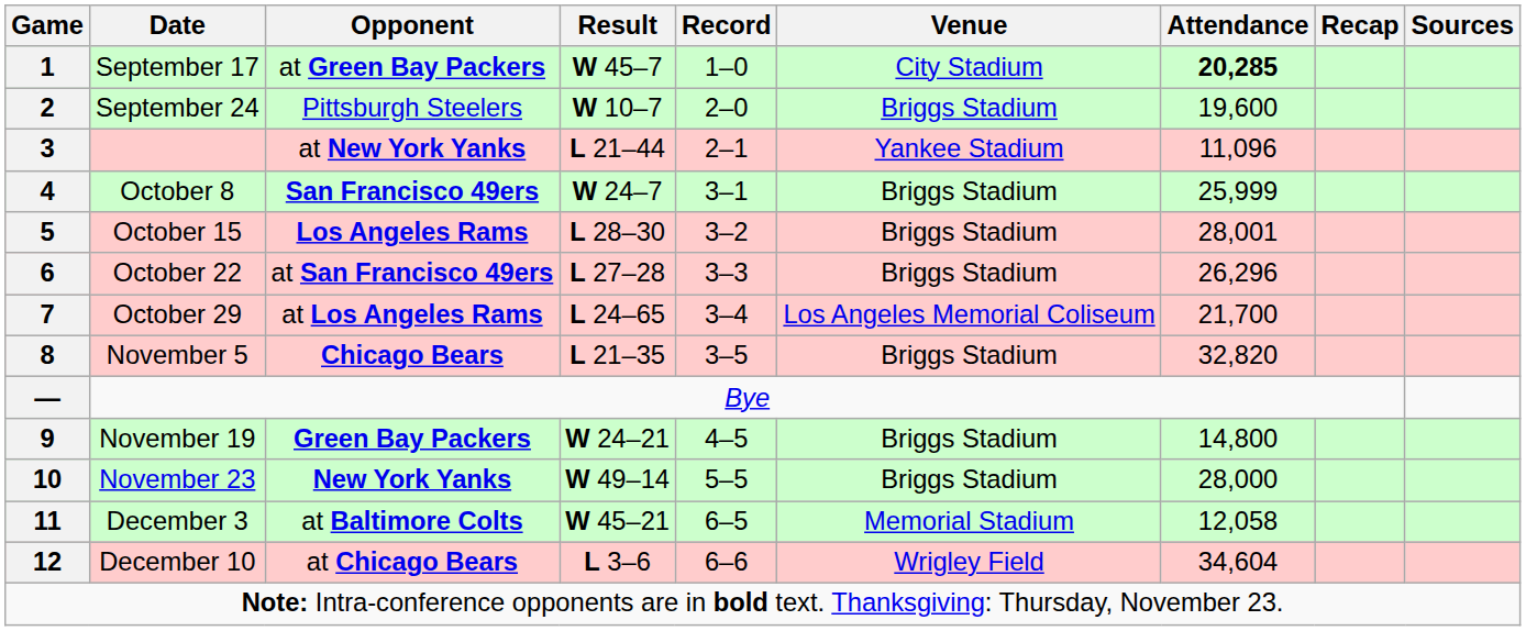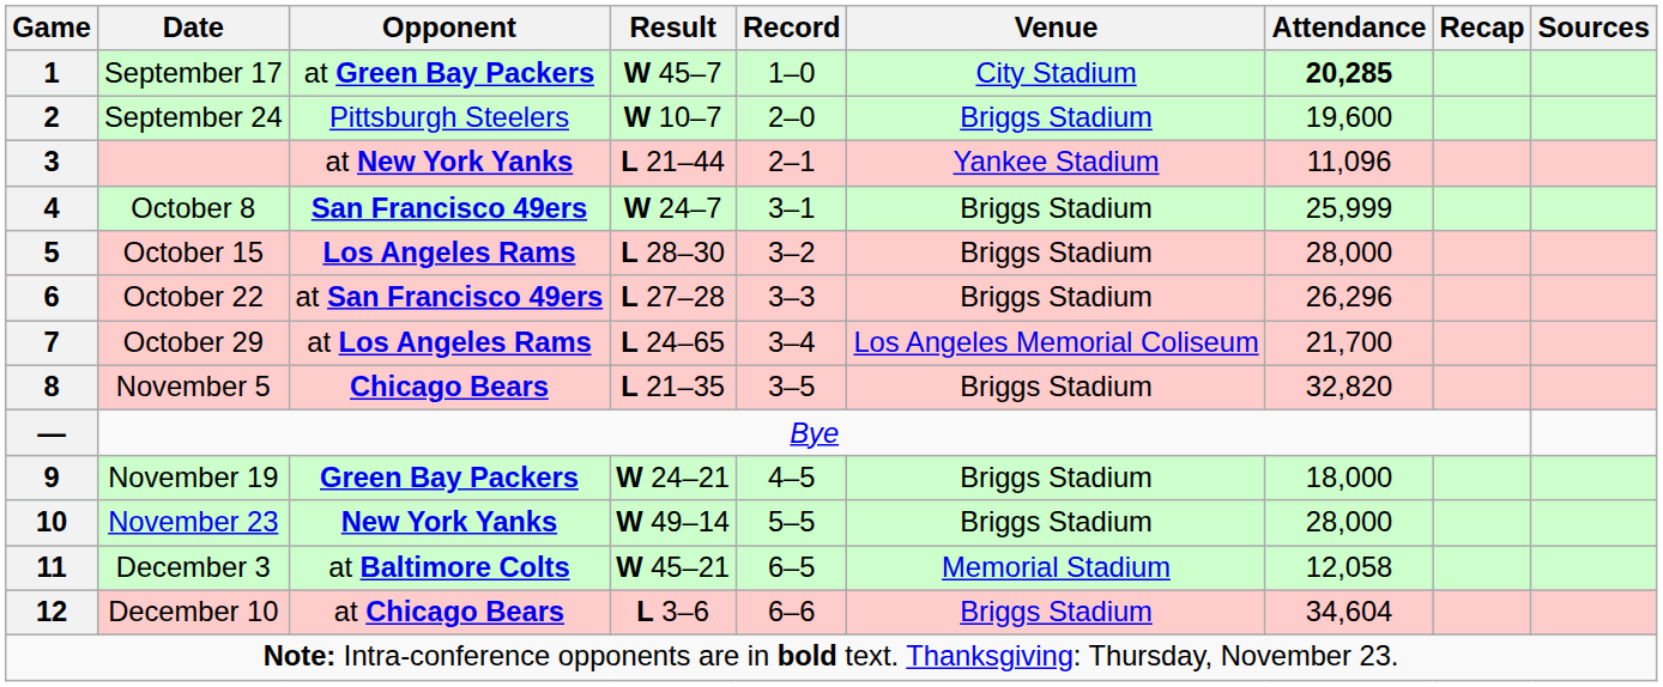 <table class="wikitable" style="text-align:center">
 <tr>
 <th>Game</th>
 <th>Date</th>
 <th>Opponent</th>
 <th>Result</th>
 <th>Record</th>
 <th>Venue</th>
 <th>Attendance</th>
 <th>Recap</th>
 <th>Sources</th>
 </tr>
 <tr style="background:#cfc">
 <th>1</th>
 <td>September 17</td>
 <td>at <strong><a href='#'>Green Bay Packers</a></strong></td>
 <td><strong>W</strong> 45–7</td>
 <td>1–0</td>
 <td><a href='#'>City Stadium</a></td>
 <td><strong>20,285</strong></td>
 <td></td>
 <td></td>
 </tr>
 <tr style="background:#cfc">
 <th>2</th>
 <td>September 24</td>
 <td><a href='#'>Pittsburgh Steelers</a></td>
 <td><strong>W</strong> 10–7</td>
 <td>2–0</td>
 <td><a href='#'>Briggs Stadium</a></td>
 <td>19,600</td>
 <td></td>
 <td></td>
 </tr>
 <tr style="background:#fcc">
 <th>3</th>
 <td></td>
 <td>at <strong><a href='#'>New York Yanks</a></strong></td>
 <td><strong>L</strong> 21–44</td>
 <td>2–1</td>
 <td><a href='#'>Yankee Stadium</a></td>
 <td>11,096</td>
 <td></td>
 <td></td>
 </tr>
 <tr style="background:#cfc">
 <th>4</th>
 <td>October 8</td>
 <td><strong><a href='#'>San Francisco 49ers</a></strong></td>
 <td><strong>W</strong> 24–7</td>
 <td>3–1</td>
 <td>Briggs Stadium</td>
 <td>25,999</td>
 <td></td>
 <td></td>
 </tr>
 <tr style="background:#fcc">
 <th>5</th>
 <td>October 15</td>
 <td><strong><a href='#'>Los Angeles Rams</a></strong></td>
 <td><strong>L</strong> 28–30</td>
 <td>3–2</td>
 <td>Briggs Stadium</td>
-<td>28,001</td>
+<td>28,000</td>
 <td></td>
 <td></td>
 </tr>
 <tr style="background:#fcc">
 <th>6</th>
 <td>October 22</td>
 <td>at <strong><a href='#'>San Francisco 49ers</a></strong></td>
 <td><strong>L</strong> 27–28</td>
 <td>3–3</td>
 <td>Briggs Stadium</td>
 <td>26,296</td>
 <td></td>
 <td></td>
 </tr>
 <tr style="background:#fcc">
 <th>7</th>
 <td>October 29</td>
 <td>at <strong><a href='#'>Los Angeles Rams</a></strong></td>
 <td><strong>L</strong> 24–65</td>
 <td>3–4</td>
 <td><a href='#'>Los Angeles Memorial Coliseum</a></td>
 <td>21,700</td>
 <td></td>
 <td></td>
 </tr>
 <tr style="background:#fcc">
 <th>8</th>
 <td>November 5</td>
 <td><strong><a href='#'>Chicago Bears</a></strong></td>
 <td><strong>L</strong> 21–35</td>
 <td>3–5</td>
 <td>Briggs Stadium</td>
 <td>32,820</td>
 <td></td>
 <td></td>
 </tr>
 <tr>
 <th>—</th>
 <td colspan="7"><em><a href='#'>Bye</a></em></td>
 </tr>
 <tr style="background:#cfc">
 <th>9</th>
 <td>November 19</td>
 <td><strong><a href='#'>Green Bay Packers</a></strong></td>
 <td><strong>W</strong> 24–21</td>
 <td>4–5</td>
 <td>Briggs Stadium</td>
-<td>14,800</td>
+<td>18,000</td>
 <td></td>
 <td></td>
 </tr>
 <tr style="background:#cfc">
 <th>10</th>
 <td><a href='#'>November 23</a></td>
 <td><strong><a href='#'>New York Yanks</a></strong></td>
 <td><strong>W</strong> 49–14</td>
 <td>5–5</td>
 <td>Briggs Stadium</td>
 <td>28,000</td>
 <td></td>
 <td></td>
 </tr>
 <tr style="background:#cfc">
 <th>11</th>
 <td>December 3</td>
 <td>at <strong><a href='#'>Baltimore Colts</a></strong></td>
 <td><strong>W</strong> 45–21</td>
 <td>6–5</td>
 <td><a href='#'>Memorial Stadium</a></td>
 <td>12,058</td>
 <td></td>
 <td></td>
 </tr>
 <tr style="background:#fcc">
 <th>12</th>
 <td>December 10</td>
 <td>at <strong><a href='#'>Chicago Bears</a></strong></td>
 <td><strong>L</strong> 3–6</td>
 <td>6–6</td>
-<td><a href='#'>Wrigley Field</a></td>
+<td><a href='#'>Briggs Stadium</a></td>
 <td>34,604</td>
 <td></td>
 <td></td>
 </tr>
 <tr>
 <td colspan="10"><strong>Note:</strong> Intra-conference opponents are in <strong>bold</strong> text. <a href='#'>Thanksgiving</a>: Thursday, November 23.</td>
 </tr>
 </table>
